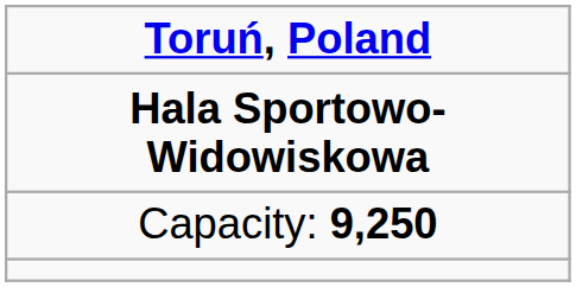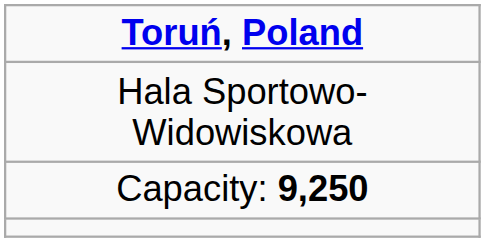 <table class=wikitable style=text-align:center width=210>
 <tr>
 <td><strong> <a href='#'>Toruń</a>, <a href='#'>Poland</a></strong></td>
 </tr>
 <tr>
-<td><strong>Hala Sportowo-Widowiskowa</strong></td>
+<td>Hala Sportowo-Widowiskowa</td>
 </tr>
 <tr>
 <td>Capacity: <strong>9,250</strong></td>
 </tr>
 <tr>
 <td></td>
 </tr>
 </table>
